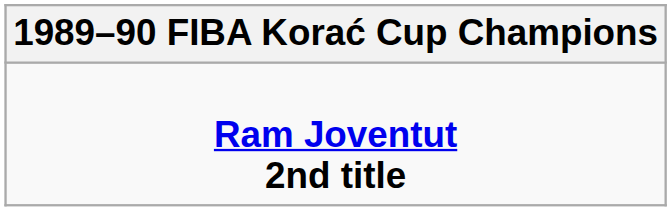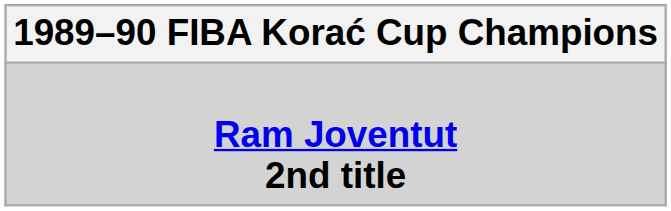 <table class=wikitable style="text-align:center; margin:auto">
 <tr>
 <th>1989–90 FIBA Korać Cup Champions</th>
 </tr>
 <tr>
-<td><br> <strong><a href='#'>Ram Joventut</a></strong> <br> <strong>2nd title</strong></td>
+<td style="background: lightgrey;"><br> <strong><a href='#'>Ram Joventut</a></strong> <br> <strong>2nd title</strong></td>
 </tr>
 </table>
